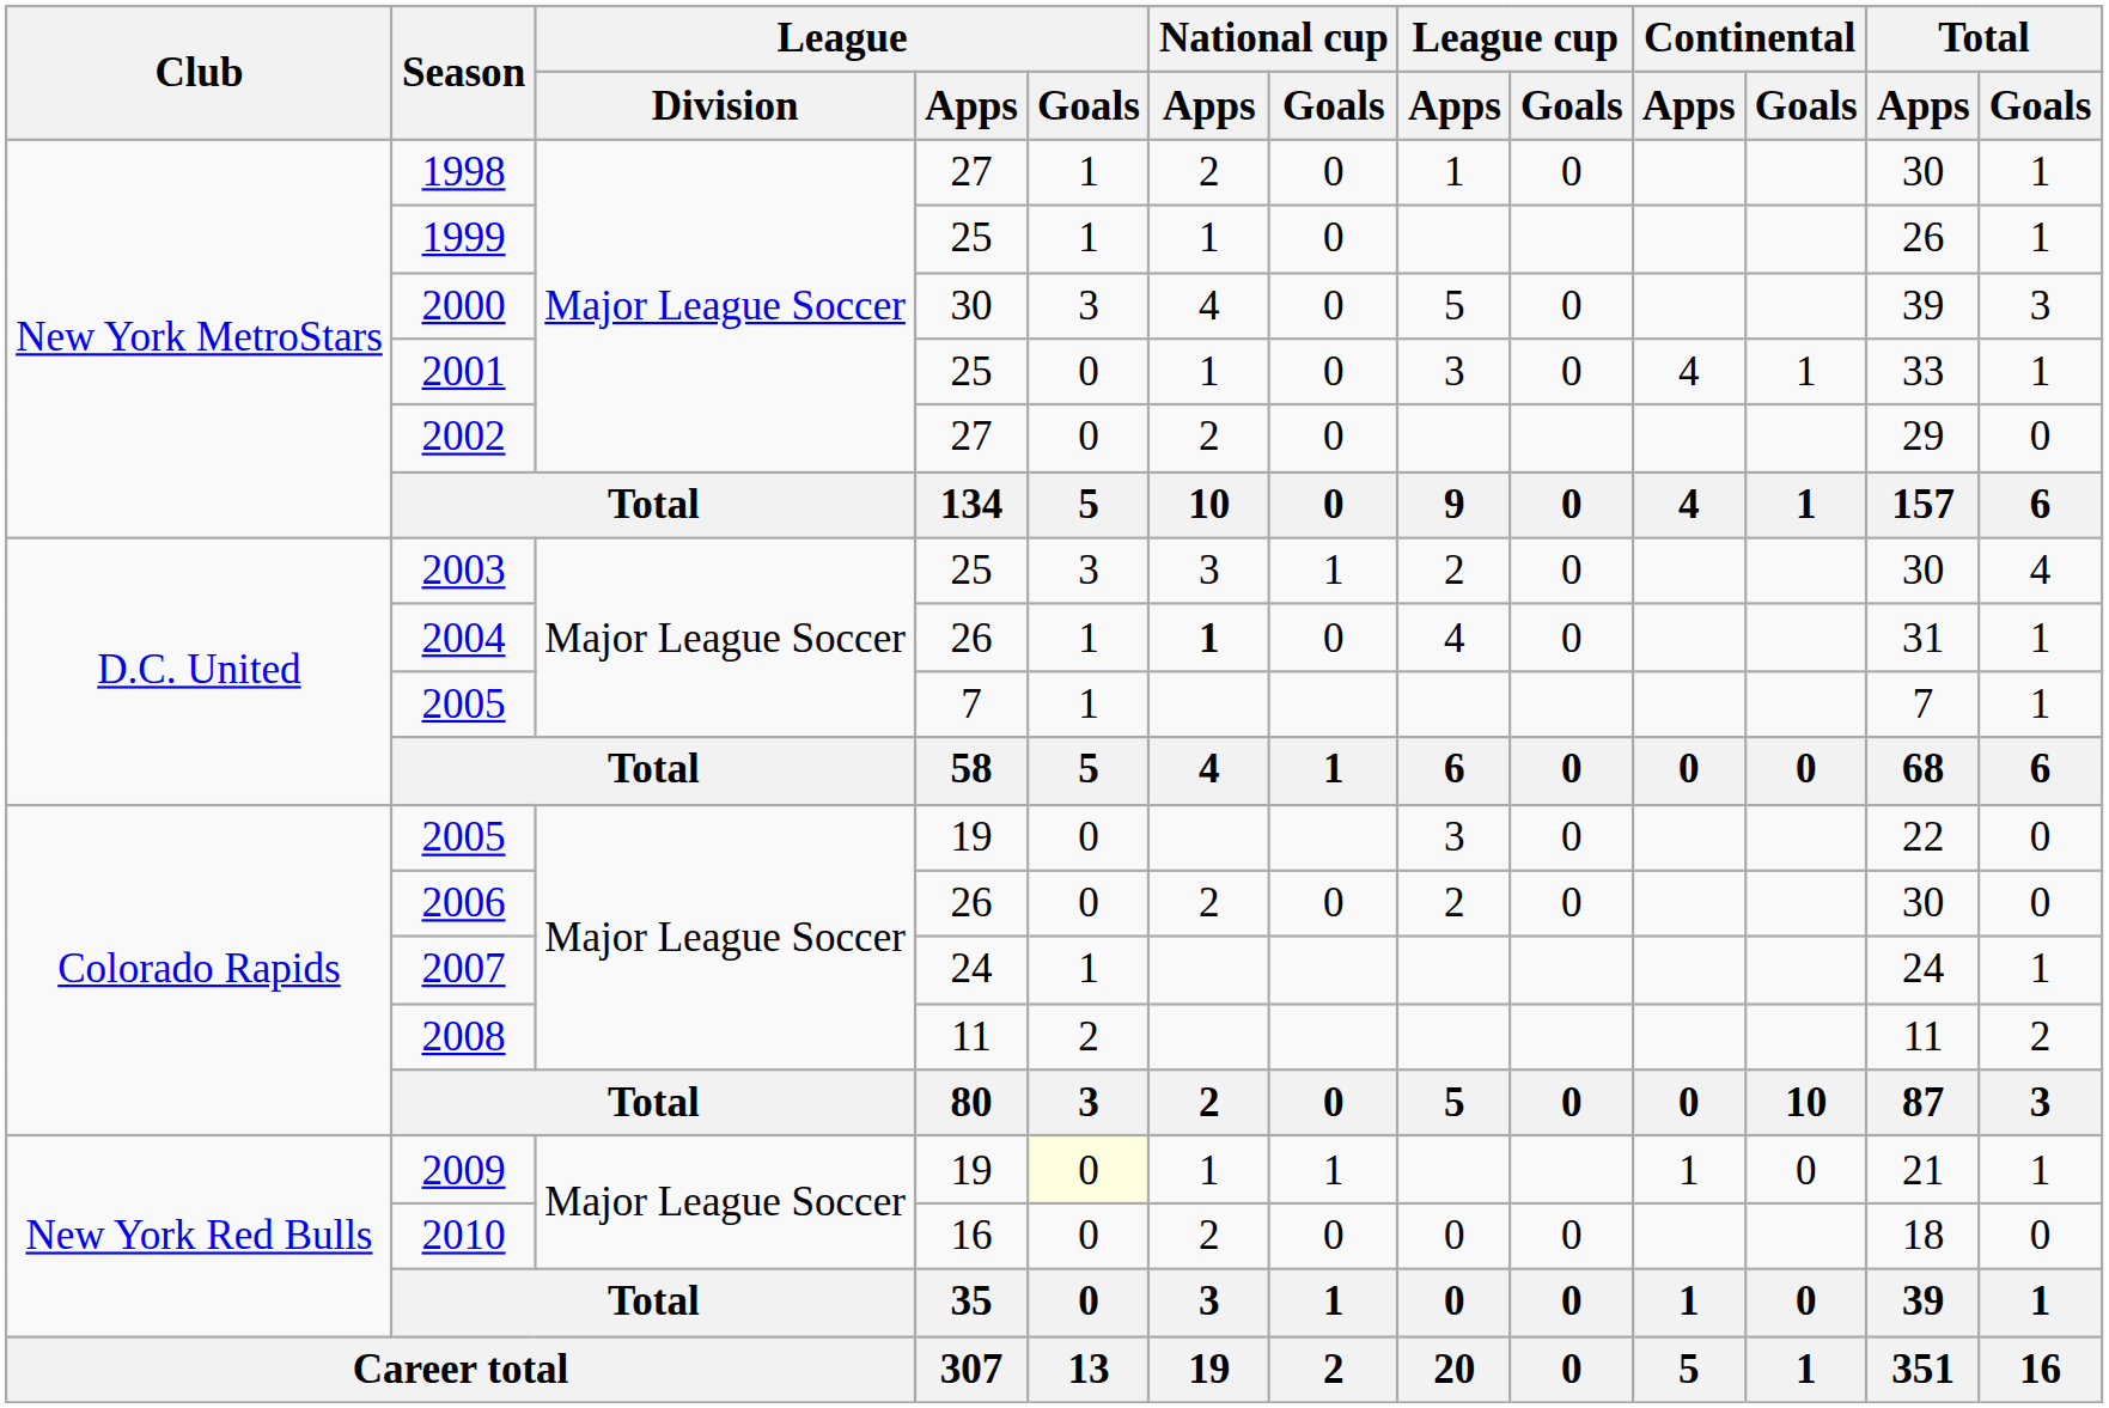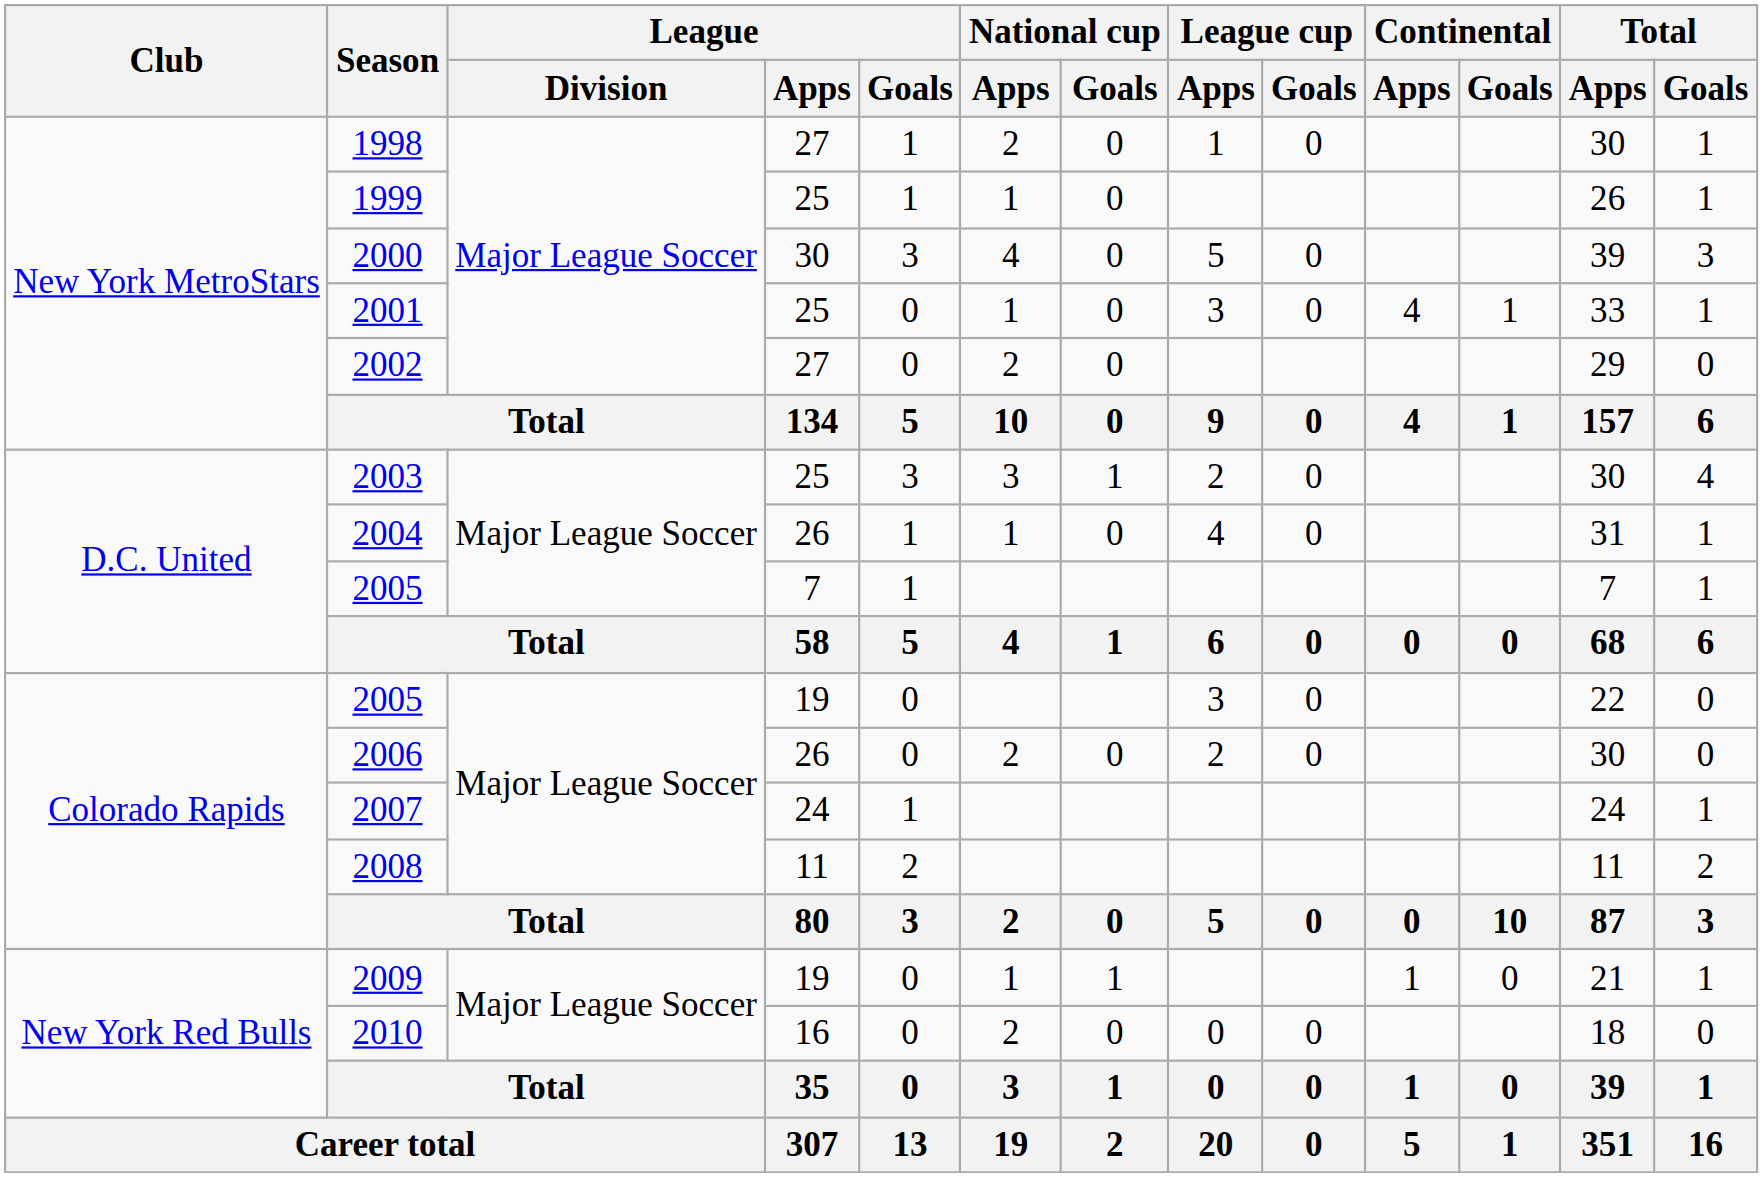 <table class="wikitable" style="text-align:center">
 <tr>
 <th rowspan="2">Club</th>
 <th rowspan="2">Season</th>
 <th colspan="3">League</th>
 <th colspan="2">National cup</th>
 <th colspan="2">League cup</th>
 <th colspan="2">Continental</th>
 <th colspan="2">Total</th>
 </tr>
 <tr>
 <th>Division</th>
 <th>Apps</th>
 <th>Goals</th>
 <th>Apps</th>
 <th>Goals</th>
 <th>Apps</th>
 <th>Goals</th>
 <th>Apps</th>
 <th>Goals</th>
 <th>Apps</th>
 <th>Goals</th>
 </tr>
 <tr>
 <td rowspan="6"><a href='#'>New York MetroStars</a></td>
 <td><a href='#'>1998</a></td>
 <td rowspan="5"><a href='#'>Major League Soccer</a></td>
 <td>27</td>
 <td>1</td>
 <td>2</td>
 <td>0</td>
 <td>1</td>
 <td>0</td>
 <td></td>
 <td></td>
 <td>30</td>
 <td>1</td>
 </tr>
 <tr>
 <td><a href='#'>1999</a></td>
 <td>25</td>
 <td>1</td>
 <td>1</td>
 <td>0</td>
 <td></td>
 <td></td>
 <td></td>
 <td></td>
 <td>26</td>
 <td>1</td>
 </tr>
 <tr>
 <td><a href='#'>2000</a></td>
 <td>30</td>
 <td>3</td>
 <td>4</td>
 <td>0</td>
 <td>5</td>
 <td>0</td>
 <td></td>
 <td></td>
 <td>39</td>
 <td>3</td>
 </tr>
 <tr>
 <td><a href='#'>2001</a></td>
 <td>25</td>
 <td>0</td>
 <td>1</td>
 <td>0</td>
 <td>3</td>
 <td>0</td>
 <td>4</td>
 <td>1</td>
 <td>33</td>
 <td>1</td>
 </tr>
 <tr>
 <td><a href='#'>2002</a></td>
 <td>27</td>
 <td>0</td>
 <td>2</td>
 <td>0</td>
 <td></td>
 <td></td>
 <td></td>
 <td></td>
 <td>29</td>
 <td>0</td>
 </tr>
 <tr>
 <th colspan="2">Total</th>
 <th>134</th>
 <th>5</th>
 <th>10</th>
 <th>0</th>
 <th>9</th>
 <th>0</th>
 <th>4</th>
 <th>1</th>
 <th>157</th>
 <th>6</th>
 </tr>
 <tr>
 <td rowspan="4"><a href='#'>D.C. United</a></td>
 <td><a href='#'>2003</a></td>
 <td rowspan="3">Major League Soccer</td>
 <td>25</td>
 <td>3</td>
 <td>3</td>
 <td>1</td>
 <td>2</td>
 <td>0</td>
 <td></td>
 <td></td>
 <td>30</td>
 <td>4</td>
 </tr>
 <tr>
 <td><a href='#'>2004</a></td>
 <td>26</td>
 <td>1</td>
-<td><strong>1</strong></td>
+<td>1</td>
 <td>0</td>
 <td>4</td>
 <td>0</td>
 <td></td>
 <td></td>
 <td>31</td>
 <td>1</td>
 </tr>
 <tr>
 <td><a href='#'>2005</a></td>
 <td>7</td>
 <td>1</td>
 <td></td>
 <td></td>
 <td></td>
 <td></td>
 <td></td>
 <td></td>
 <td>7</td>
 <td>1</td>
 </tr>
 <tr>
 <th colspan="2">Total</th>
 <th>58</th>
 <th>5</th>
 <th>4</th>
 <th>1</th>
 <th>6</th>
 <th>0</th>
 <th>0</th>
 <th>0</th>
 <th>68</th>
 <th>6</th>
 </tr>
 <tr>
 <td rowspan="5"><a href='#'>Colorado Rapids</a></td>
 <td><a href='#'>2005</a></td>
 <td rowspan="4">Major League Soccer</td>
 <td>19</td>
 <td>0</td>
 <td></td>
 <td></td>
 <td>3</td>
 <td>0</td>
 <td></td>
 <td></td>
 <td>22</td>
 <td>0</td>
 </tr>
 <tr>
 <td><a href='#'>2006</a></td>
 <td>26</td>
 <td>0</td>
 <td>2</td>
 <td>0</td>
 <td>2</td>
 <td>0</td>
 <td></td>
 <td></td>
 <td>30</td>
 <td>0</td>
 </tr>
 <tr>
 <td><a href='#'>2007</a></td>
 <td>24</td>
 <td>1</td>
 <td></td>
 <td></td>
 <td></td>
 <td></td>
 <td></td>
 <td></td>
 <td>24</td>
 <td>1</td>
 </tr>
 <tr>
 <td><a href='#'>2008</a></td>
 <td>11</td>
 <td>2</td>
 <td></td>
 <td></td>
 <td></td>
 <td></td>
 <td></td>
 <td></td>
 <td>11</td>
 <td>2</td>
 </tr>
 <tr>
 <th colspan="2">Total</th>
 <th>80</th>
 <th>3</th>
 <th>2</th>
 <th>0</th>
 <th>5</th>
 <th>0</th>
 <th>0</th>
 <th>10</th>
 <th>87</th>
 <th>3</th>
 </tr>
 <tr>
 <td rowspan="3"><a href='#'>New York Red Bulls</a></td>
 <td><a href='#'>2009</a></td>
 <td rowspan="2">Major League Soccer</td>
 <td>19</td>
-<td style="background: lightyellow;">0</td>
+<td>0</td>
 <td>1</td>
 <td>1</td>
 <td></td>
 <td></td>
 <td>1</td>
 <td>0</td>
 <td>21</td>
 <td>1</td>
 </tr>
 <tr>
 <td><a href='#'>2010</a></td>
 <td>16</td>
 <td>0</td>
 <td>2</td>
 <td>0</td>
 <td>0</td>
 <td>0</td>
 <td></td>
 <td></td>
 <td>18</td>
 <td>0</td>
 </tr>
 <tr>
 <th colspan="2">Total</th>
 <th>35</th>
 <th>0</th>
 <th>3</th>
 <th>1</th>
 <th>0</th>
 <th>0</th>
 <th>1</th>
 <th>0</th>
 <th>39</th>
 <th>1</th>
 </tr>
 <tr>
 <th colspan="3">Career total</th>
 <th>307</th>
 <th>13</th>
 <th>19</th>
 <th>2</th>
 <th>20</th>
 <th>0</th>
 <th>5</th>
 <th>1</th>
 <th>351</th>
 <th>16</th>
 </tr>
 </table>
